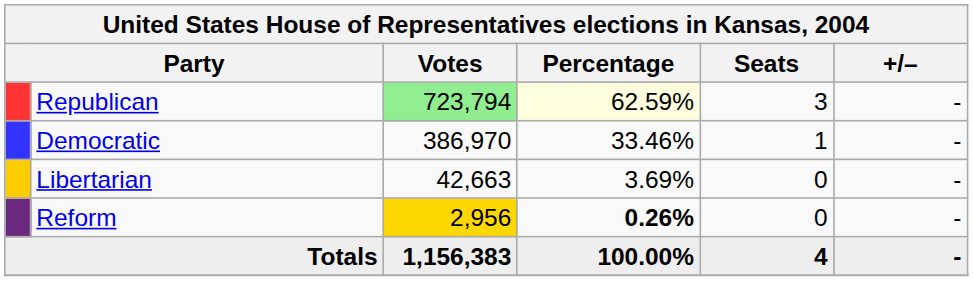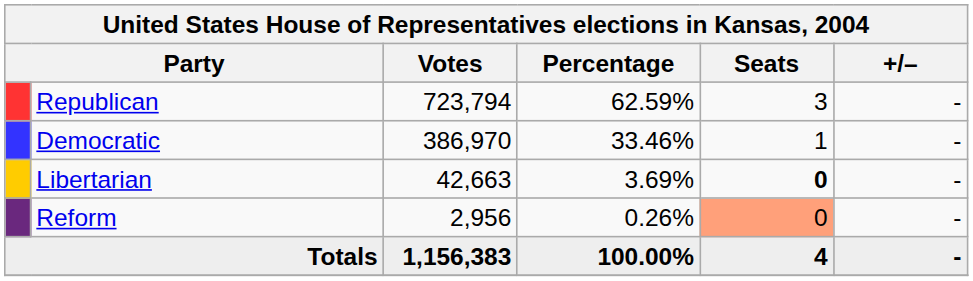 <table class="wikitable" style="font-size: 95%;">
 <tr>
 <th colspan="6">United States House of Representatives elections in Kansas, 2004</th>
 </tr>
 <tr>
 <th colspan=2 style="width: 15em">Party</th>
 <th style="width: 5em">Votes</th>
 <th style="width: 7em">Percentage</th>
 <th style="width: 5em">Seats</th>
 <th style="width: 5em">+/–</th>
 </tr>
 <tr>
 <th style="background-color:#FF3333; width: 3px"></th>
 <td style="width: 130px"><a href='#'>Republican</a></td>
-<td align="right" style="background: lightgreen;">723,794</td>
-<td align="right" style="background: lightyellow;">62.59%</td>
+<td align="right">723,794</td>
+<td align="right">62.59%</td>
 <td align="right">3</td>
 <td align="right">-</td>
 </tr>
 <tr>
 <th style="background-color:#3333FF; width: 3px"></th>
 <td style="width: 130px"><a href='#'>Democratic</a></td>
 <td align="right">386,970</td>
 <td align="right">33.46%</td>
 <td align="right">1</td>
 <td align="right">-</td>
 </tr>
 <tr>
 <th style="background-color:#FFCC00; width: 3px"></th>
 <td style="width: 130px"><a href='#'>Libertarian</a></td>
 <td align="right">42,663</td>
 <td align="right">3.69%</td>
-<td align="right">0</td>
+<td align="right"><strong>0</strong></td>
 <td align="right">-</td>
 </tr>
 <tr>
 <th style="background-color:#6A287E; width: 3px"></th>
 <td style="width: 130px"><a href='#'>Reform</a></td>
-<td align="right" style="background: gold;">2,956</td>
-<td align="right"><strong>0.26%</strong></td>
-<td align="right">0</td>
+<td align="right">2,956</td>
+<td align="right">0.26%</td>
+<td align="right" style="background: lightsalmon;">0</td>
 <td align="right">-</td>
 </tr>
 <tr bgcolor="#EEEEEE">
 <td colspan="2" align="right"><strong>Totals</strong></td>
 <td align="right"><strong>1,156,383</strong></td>
 <td align="right"><strong>100.00%</strong></td>
 <td align="right"><strong>4</strong></td>
 <td align="right"><strong>-</strong></td>
 </tr>
 <tr bgcolor="#EEEEEE">
 </tr>
 </table>
